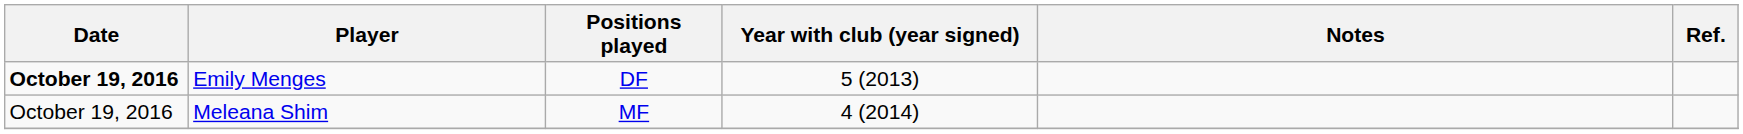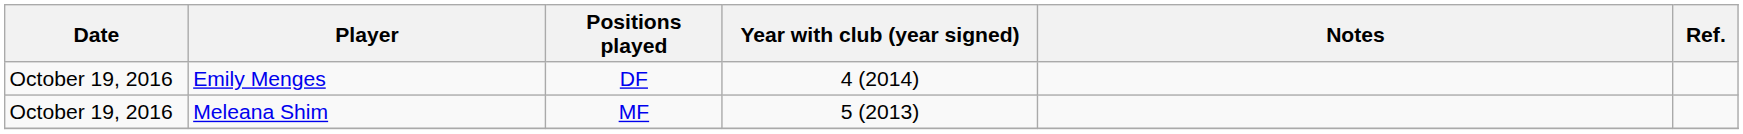 <table class="wikitable" style="text-align:left; font-size:95%;">
 <tr>
 <th style="width:125px;">Date</th>
 <th style="width:250px;">Player</th>
 <th style="width:120px;">Positions played</th>
 <th style="width:220px;">Year with club (year signed)</th>
 <th style="width:450px;">Notes</th>
 <th style="width:40px;">Ref.</th>
 </tr>
 <tr>
-<td><strong>October 19, 2016</strong></td>
+<td>October 19, 2016</td>
 <td> <a href='#'>Emily Menges</a></td>
 <td style="text-align:center;"><a href='#'>DF</a></td>
-<td style="text-align:center;">5 (2013)</td>
+<td style="text-align:center;">4 (2014)</td>
 <td></td>
 <td></td>
 </tr>
 <tr>
 <td>October 19, 2016</td>
 <td> <a href='#'>Meleana Shim</a></td>
 <td style="text-align:center;"><a href='#'>MF</a></td>
-<td style="text-align:center;">4 (2014)</td>
+<td style="text-align:center;">5 (2013)</td>
 <td></td>
 <td></td>
 </tr>
 <tr>
 </tr>
 </table>
